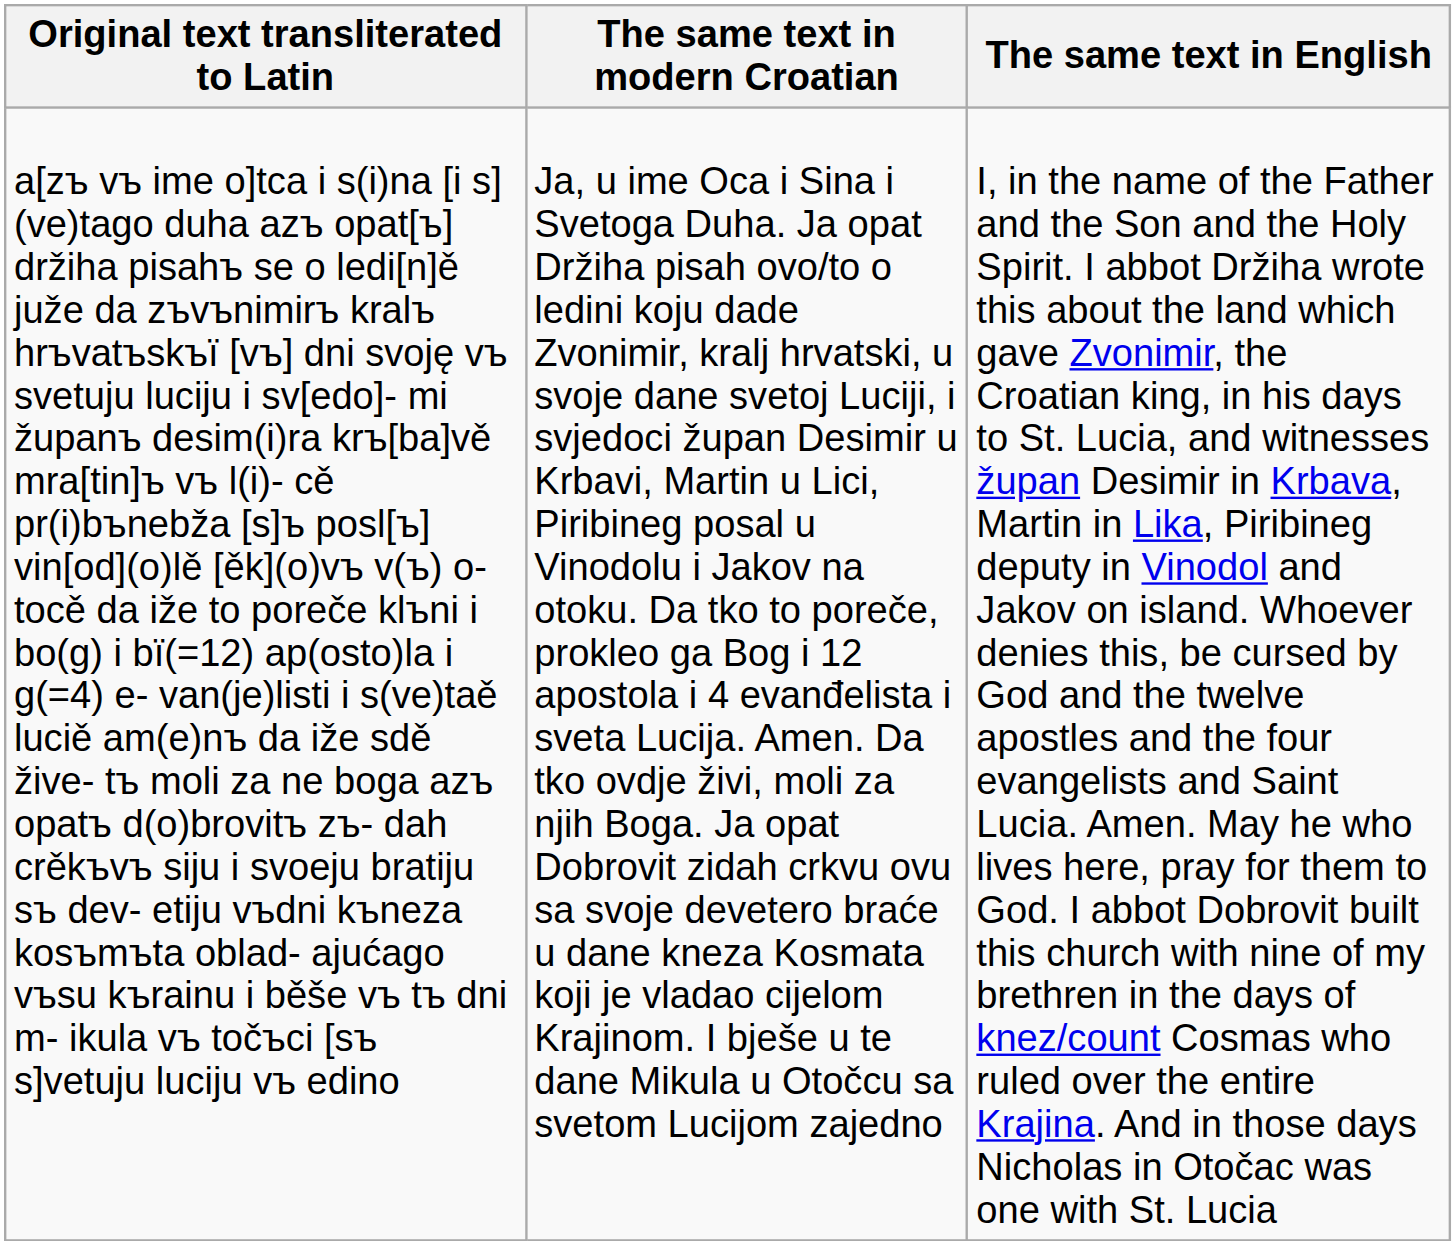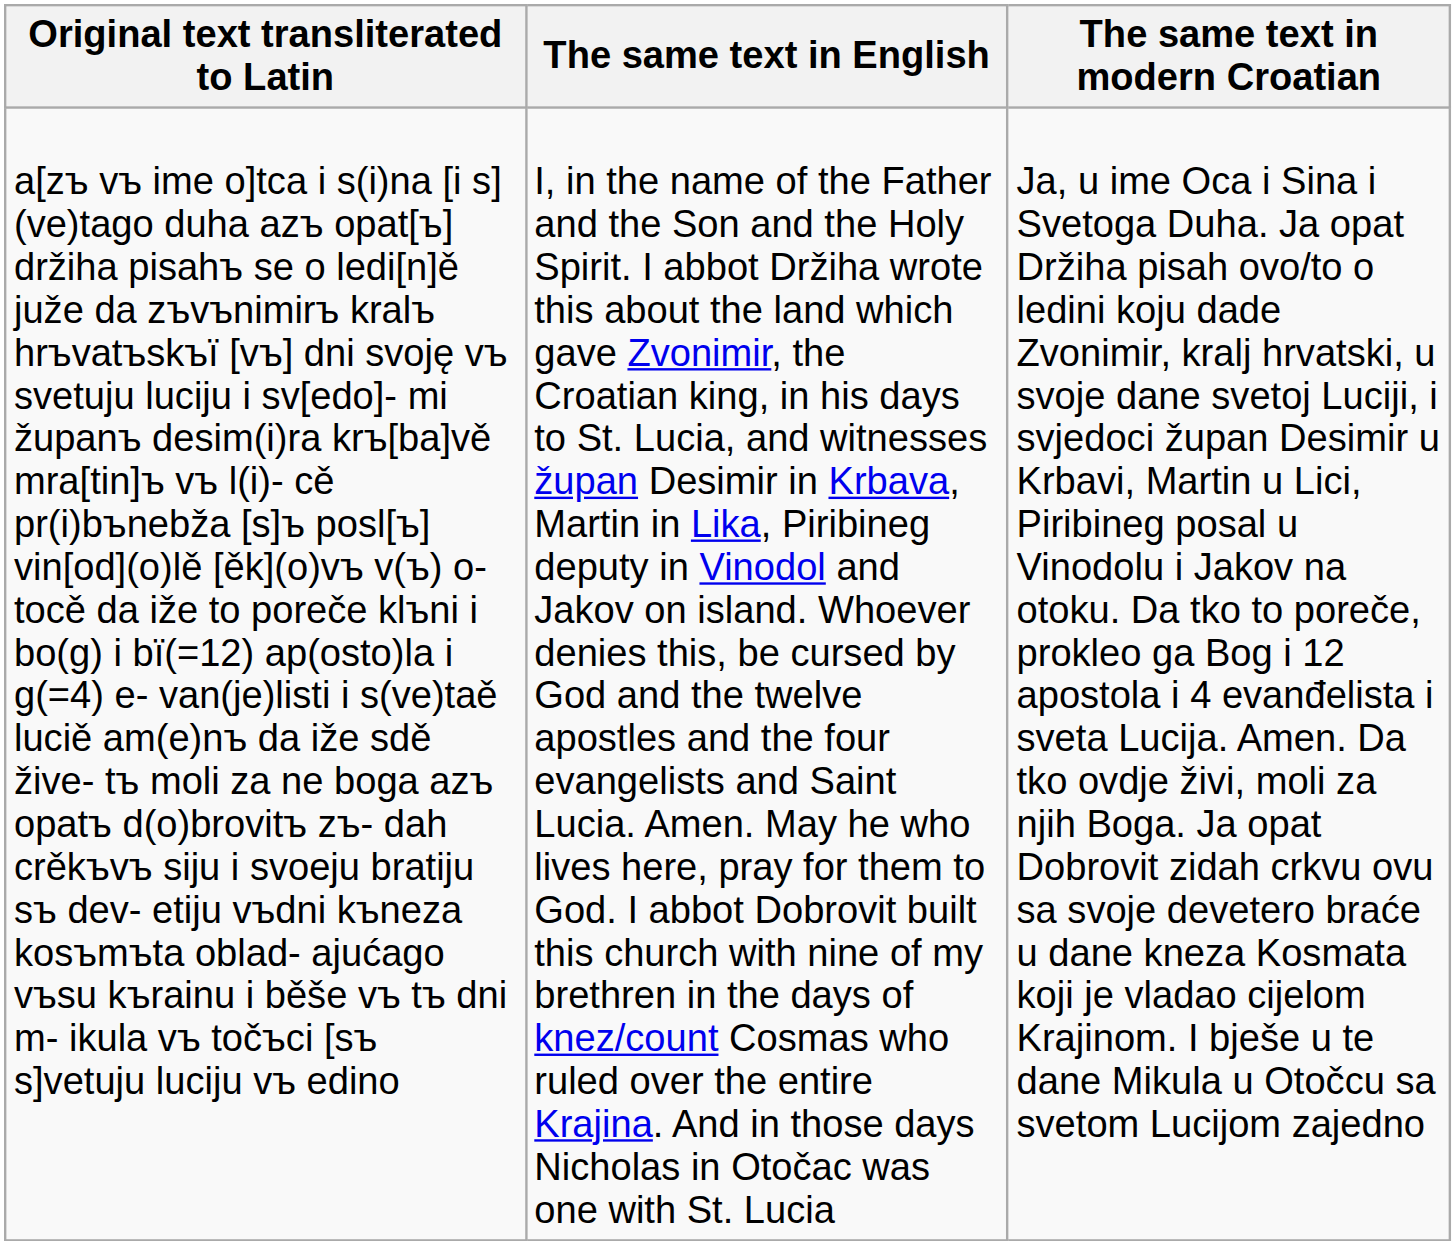 <table class=wikitable>
 <tr>
 <th>Original text transliterated to Latin</th>
+<th>The same text in English</th>
 <th>The same text in modern Croatian</th>
-<th>The same text in English</th>
 </tr>
 <tr>
 <td valign=top><br>a[zъ vъ ime o]tca i s(i)na [i s](ve)tago duha azъ opat[ъ] držiha pisahъ se o ledi[n]ě juže da zъvъnimirъ kralъ hrъvatъskъï [vъ] dni svoję vъ svetuju luciju i sv[edo]- mi županъ desim(i)ra krъ[ba]vě mra[tin]ъ vъ l(i)- cě pr(i)bъnebža [s]ъ posl[ъ] vin[od](o)lě [ěk](o)vъ v(ъ) o- tocě da iže to poreče klъni i bo(g) i bï(=12) ap(osto)la i g(=4) e- van(je)listi i s(ve)taě luciě am(e)nъ da iže sdě žive- tъ moli za ne boga azъ opatъ d(o)brovitъ zъ- dah crěkъvъ siju i svoeju bratiju sъ dev- etiju vъdni kъneza kosъmъta oblad- ajućago vъsu kъrainu i běše vъ tъ dni m- ikula vъ točъci [sъ s]vetuju luciju vъ edino</td>
+<td valign=top><br>I, in the name of the Father and the Son and the Holy Spirit. I abbot Držiha wrote this about the land which gave <a href='#'>Zvonimir</a>, the Croatian king, in his days to St. Lucia, and witnesses <a href='#'>župan</a> Desimir in <a href='#'>Krbava</a>, Martin in <a href='#'>Lika</a>, Piribineg deputy in <a href='#'>Vinodol</a> and Jakov on island. Whoever denies this, be cursed by God and the twelve apostles and the four evangelists and Saint Lucia. Amen. May he who lives here, pray for them to God. I abbot Dobrovit built this church with nine of my brethren in the days of <a href='#'>knez/count</a> Cosmas who ruled over the entire <a href='#'>Krajina</a>. And in those days Nicholas in Otočac was one with St. Lucia</td>
 <td valign=top><br>Ja, u ime Oca i Sina i Svetoga Duha. Ja opat Držiha pisah ovo/to o ledini koju dade Zvonimir, kralj hrvatski, u svoje dane svetoj Luciji, i svjedoci župan Desimir u Krbavi, Martin u Lici, Piribineg posal u Vinodolu i Jakov na otoku. Da tko to poreče, prokleo ga Bog i 12 apostola i 4 evanđelista i sveta Lucija. Amen. Da tko ovdje živi, moli za njih Boga. Ja opat Dobrovit zidah crkvu ovu sa svoje devetero braće u dane kneza Kosmata koji je vladao cijelom Krajinom. I bješe u te dane Mikula u Otočcu sa svetom Lucijom zajedno</td>
-<td valign=top><br>I, in the name of the Father and the Son and the Holy Spirit. I abbot Držiha wrote this about the land which gave <a href='#'>Zvonimir</a>, the Croatian king, in his days to St. Lucia, and witnesses <a href='#'>župan</a> Desimir in <a href='#'>Krbava</a>, Martin in <a href='#'>Lika</a>, Piribineg deputy in <a href='#'>Vinodol</a> and Jakov on island. Whoever denies this, be cursed by God and the twelve apostles and the four evangelists and Saint Lucia. Amen. May he who lives here, pray for them to God. I abbot Dobrovit built this church with nine of my brethren in the days of <a href='#'>knez/count</a> Cosmas who ruled over the entire <a href='#'>Krajina</a>. And in those days Nicholas in Otočac was one with St. Lucia</td>
 </tr>
 </table>
